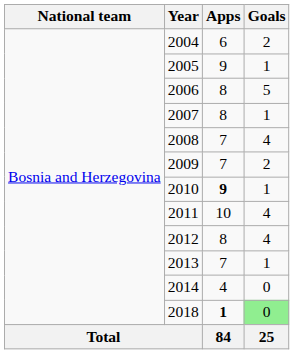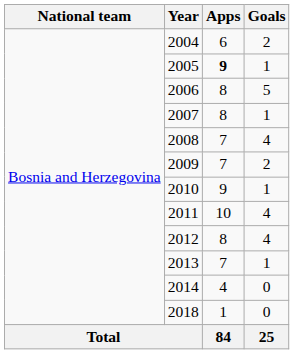 <table class="wikitable" style="text-align:center">
 <tr>
 <th>National team</th>
 <th>Year</th>
 <th>Apps</th>
 <th>Goals</th>
 </tr>
 <tr>
 <td rowspan="12"><a href='#'>Bosnia and Herzegovina</a></td>
 <td>2004</td>
 <td>6</td>
 <td>2</td>
 </tr>
 <tr>
 <td>2005</td>
-<td>9</td>
+<td><strong>9</strong></td>
 <td>1</td>
 </tr>
 <tr>
 <td>2006</td>
 <td>8</td>
 <td>5</td>
 </tr>
 <tr>
 <td>2007</td>
 <td>8</td>
 <td>1</td>
 </tr>
 <tr>
 <td>2008</td>
 <td>7</td>
 <td>4</td>
 </tr>
 <tr>
 <td>2009</td>
 <td>7</td>
 <td>2</td>
 </tr>
 <tr>
 <td>2010</td>
-<td><strong>9</strong></td>
+<td>9</td>
 <td>1</td>
 </tr>
 <tr>
 <td>2011</td>
 <td>10</td>
 <td>4</td>
 </tr>
 <tr>
 <td>2012</td>
 <td>8</td>
 <td>4</td>
 </tr>
 <tr>
 <td>2013</td>
 <td>7</td>
 <td>1</td>
 </tr>
 <tr>
 <td>2014</td>
 <td>4</td>
 <td>0</td>
 </tr>
 <tr>
 <td>2018</td>
-<td><strong>1</strong></td>
-<td style="background: lightgreen;">0</td>
+<td>1</td>
+<td>0</td>
 </tr>
 <tr>
 <th colspan="2">Total</th>
 <th>84</th>
 <th>25</th>
 </tr>
 </table>
